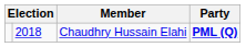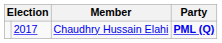 <table class="wikitable">
 <tr>
 <th colspan="2">Election</th>
 <th>Member</th>
 <th>Party</th>
 </tr>
 <tr>
 <td style="background-color: "></td>
-<td><a href='#'>2018</a></td>
+<td><a href='#'>2017</a></td>
 <td><a href='#'>Chaudhry Hussain Elahi</a></td>
 <td><strong><a href='#'>PML (Q)</a></strong></td>
 </tr>
 </table>
